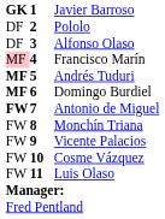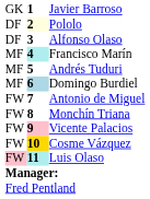 <table style="font-size: 90%" cellspacing="0" cellpadding="0" align=center>
 <tr>
 <th width=25></th>
 <th width=25></th>
 </tr>
 <tr>
-<td><strong>GK</strong></td>
+<td>GK</td>
 <td><strong>1</strong></td>
 <td> <a href='#'>Javier Barroso</a></td>
 </tr>
 <tr>
 <td>DF</td>
-<td><strong>2</strong></td>
+<td style="background: lightyellow;"><strong>2</strong></td>
 <td> <a href='#'>Pololo</a></td>
 </tr>
 <tr>
 <td>DF</td>
 <td><strong>3</strong></td>
 <td> <a href='#'>Alfonso Olaso</a></td>
 </tr>
 <tr>
-<td style="background: pink;">MF</td>
-<td><strong>4</strong></td>
+<td>MF</td>
+<td style="background: paleturquoise;"><strong>4</strong></td>
 <td> Francisco Marín</td>
 </tr>
 <tr>
-<td><strong>MF</strong></td>
+<td>MF</td>
 <td><strong>5</strong></td>
 <td> <a href='#'>Andrés Tuduri</a></td>
 </tr>
 <tr>
-<td><strong>MF</strong></td>
-<td><strong>6</strong></td>
+<td>MF</td>
+<td style="background: lightblue;"><strong>6</strong></td>
 <td> Domingo Burdiel</td>
 </tr>
 <tr>
-<td><strong>FW</strong></td>
+<td>FW</td>
 <td><strong>7</strong></td>
 <td> <a href='#'>Antonio de Miguel</a></td>
 </tr>
 <tr>
 <td>FW</td>
 <td><strong>8</strong></td>
 <td> <a href='#'>Monchín Triana</a></td>
 </tr>
 <tr>
 <td>FW</td>
-<td><strong>9</strong></td>
+<td style="background: pink;"><strong>9</strong></td>
 <td> <a href='#'>Vicente Palacios</a></td>
 </tr>
 <tr>
 <td>FW</td>
-<td><strong>10</strong></td>
+<td style="background: gold;"><strong>10</strong></td>
 <td> <a href='#'>Cosme Vázquez</a></td>
 </tr>
 <tr>
-<td>FW</td>
-<td><strong>11</strong></td>
+<td style="background: pink;">FW</td>
+<td style="background: paleturquoise;"><strong>11</strong></td>
 <td> <a href='#'>Luis Olaso</a></td>
 </tr>
 <tr>
 <td colspan=3><strong>Manager:</strong></td>
 </tr>
 <tr>
 <td colspan=4> <a href='#'>Fred Pentland</a></td>
 </tr>
 </table>
